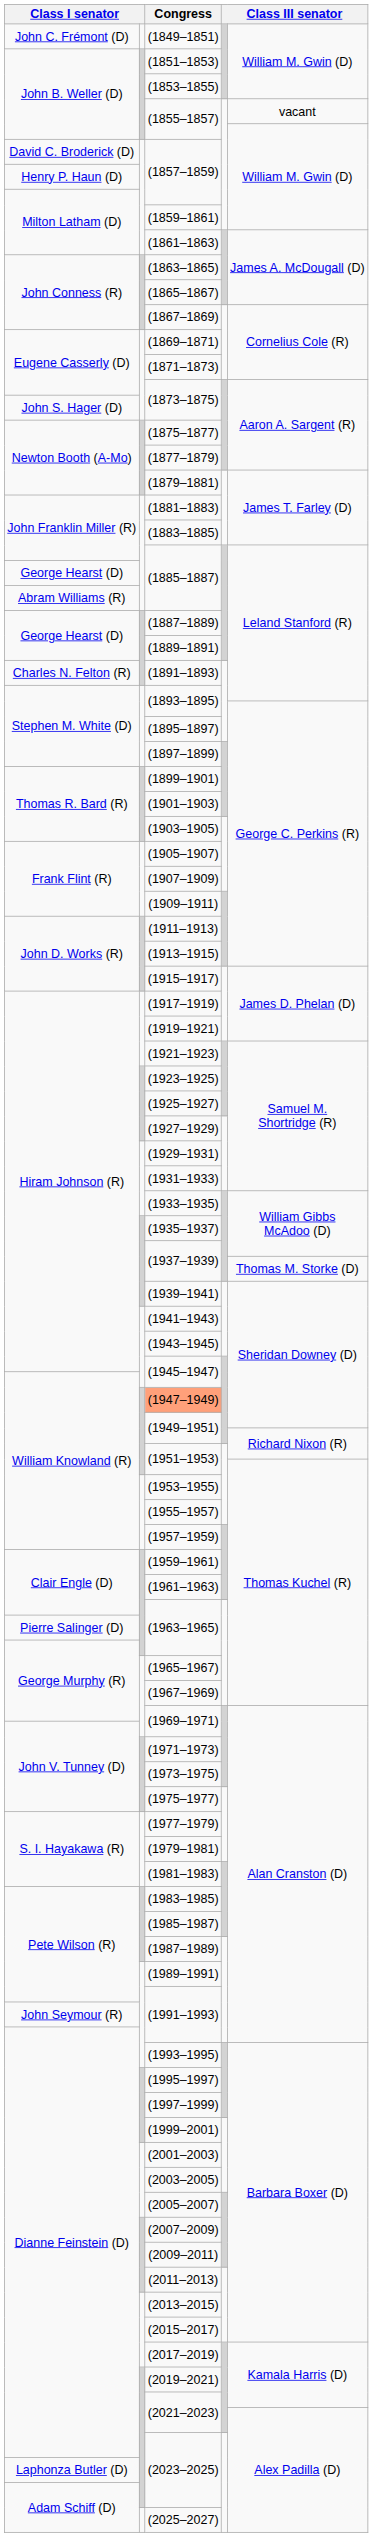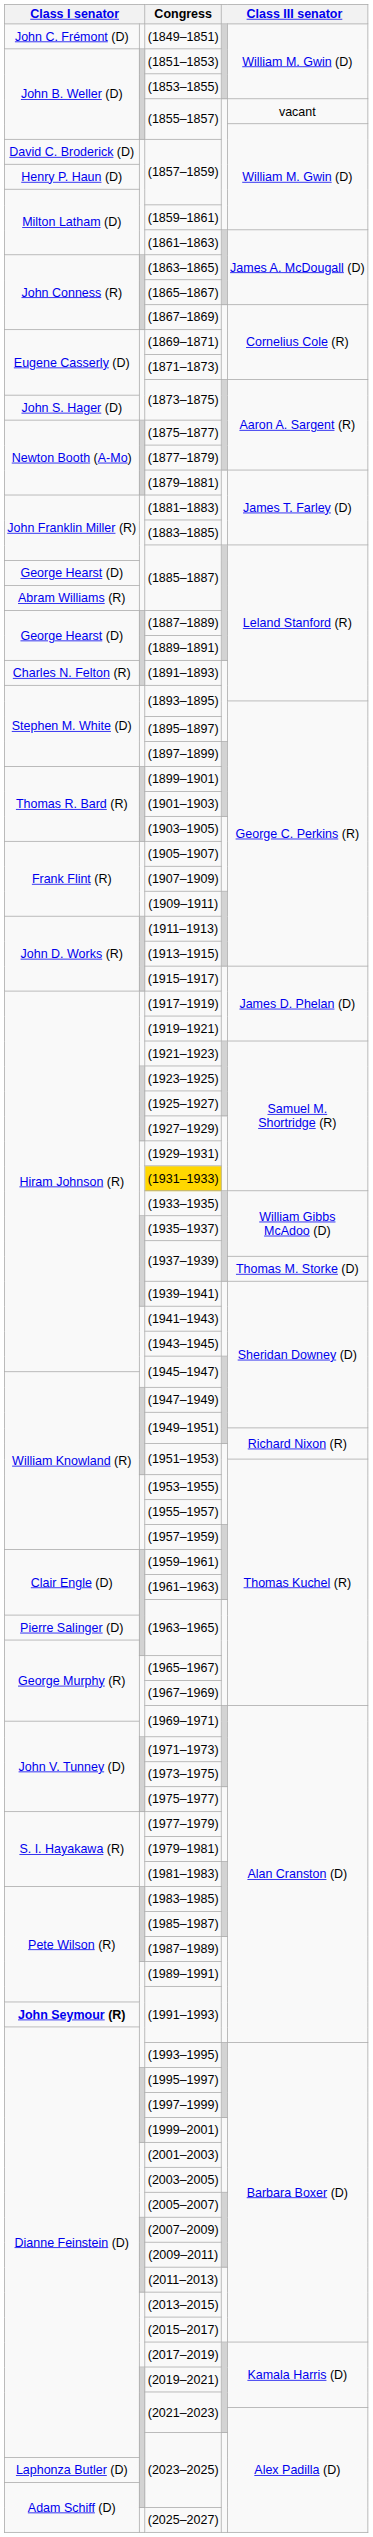 <table class="wikitable sticky-header" style="text-align:center">
 <tr>
 <th colspan="2"><a href='#'>Class I senator</a></th>
 <th>Congress</th>
 <th colspan="2"><a href='#'>Class III senator</a></th>
 </tr>
 <tr style="height:2em">
 <td><a href='#'>John C. Frémont</a> (D)</td>
 <td></td>
 <td><strong></strong> (1849–1851)</td>
 <td rowspan="3" style="background: #D3D3D3"></td>
 <td rowspan=3 ><a href='#'>William M. Gwin</a> (D)</td>
 </tr>
 <tr style="height:2em">
 <td rowspan=4 ><a href='#'>John B. Weller</a> (D)</td>
 <td rowspan="4" style="background: #D3D3D3"></td>
 <td><strong></strong> (1851–1853)</td>
 </tr>
 <tr style="height:2em">
 <td><strong></strong> (1853–1855)</td>
 </tr>
 <tr style="height:2em">
 <td rowspan=2><strong></strong> (1855–1857)</td>
 <td rowspan="6"></td>
 <td>vacant</td>
 </tr>
 <tr style="height:1.25em">
 <td rowspan=5 ><a href='#'>William M. Gwin</a> (D)</td>
 </tr>
 <tr style="height:2em">
 <td><a href='#'>David C. Broderick</a> (D)</td>
 <td rowspan="5"></td>
 <td rowspan=3><strong></strong> (1857–1859)</td>
 </tr>
 <tr style="height:2em">
 <td><a href='#'>Henry P. Haun</a> (D)</td>
 </tr>
 <tr style="height:1.25em">
 <td rowspan=3 ><a href='#'>Milton Latham</a> (D)</td>
 </tr>
 <tr style="height:2em">
 <td><strong></strong> (1859–1861)</td>
 </tr>
 <tr style="height:2em">
 <td><strong></strong> (1861–1863)</td>
 <td rowspan="3" style="background: #D3D3D3"></td>
 <td rowspan=3 ><a href='#'>James A. McDougall</a> (D)</td>
 </tr>
 <tr style="height:2em">
 <td rowspan=3 ><a href='#'>John Conness</a> (R)</td>
 <td rowspan="3" style="background: #D3D3D3"></td>
 <td><strong></strong> (1863–1865)</td>
 </tr>
 <tr style="height:2em">
 <td><strong></strong> (1865–1867)</td>
 </tr>
 <tr style="height:2em">
 <td><strong></strong> (1867–1869)</td>
 <td rowspan="3"></td>
 <td rowspan=3 ><a href='#'>Cornelius Cole</a> (R)</td>
 </tr>
 <tr style="height:2em">
 <td rowspan=3 ><a href='#'>Eugene Casserly</a> (D)</td>
 <td rowspan="4"></td>
 <td><strong></strong> (1869–1871)</td>
 </tr>
 <tr style="height:2em">
 <td><strong></strong> (1871–1873)</td>
 </tr>
 <tr style="height:1.25em">
 <td rowspan=2><strong></strong> (1873–1875)</td>
 <td rowspan="4" style="background: #D3D3D3"></td>
 <td rowspan=4 ><a href='#'>Aaron A. Sargent</a> (R)</td>
 </tr>
 <tr style="height:2em">
 <td><a href='#'>John S. Hager</a> (D)</td>
 </tr>
 <tr style="height:2em">
 <td rowspan=3 ><a href='#'>Newton Booth</a> (<a href='#'>A-Mo</a>)</td>
 <td rowspan="3" style="background: #D3D3D3"></td>
 <td><strong></strong> (1875–1877)</td>
 </tr>
 <tr style="height:2em">
 <td><strong></strong> (1877–1879)</td>
 </tr>
 <tr style="height:2em">
 <td><strong></strong> (1879–1881)</td>
 <td rowspan="3"></td>
 <td rowspan=3 ><a href='#'>James T. Farley</a> (D)</td>
 </tr>
 <tr style="height:2em">
 <td rowspan=3 ><a href='#'>John Franklin Miller</a> (R)</td>
 <td rowspan="5"></td>
 <td><strong></strong> (1881–1883)</td>
 </tr>
 <tr style="height:2em">
 <td><strong></strong> (1883–1885)</td>
 </tr>
 <tr style="height:1.25em">
 <td rowspan=3><strong></strong> (1885–1887)</td>
 <td rowspan="5" style="background: #D3D3D3"></td>
 <td rowspan=7 ><a href='#'>Leland Stanford</a> (R)</td>
 </tr>
 <tr style="height:2em">
 <td><a href='#'>George Hearst</a> (D)</td>
 </tr>
 <tr style="height:2em">
 <td><a href='#'>Abram Williams</a> (R)</td>
 </tr>
 <tr style="height:2em">
 <td rowspan=2 ><a href='#'>George Hearst</a> (D)</td>
 <td rowspan="3" style="background: #D3D3D3"></td>
 <td><strong></strong> (1887–1889)</td>
 </tr>
 <tr style="height:2em">
 <td><strong></strong> (1889–1891)</td>
 </tr>
 <tr style="height:2em">
 <td><a href='#'>Charles N. Felton</a> (R)</td>
 <td><strong></strong> (1891–1893)</td>
 <td rowspan="4"></td>
 </tr>
 <tr style="height:1.25em">
 <td rowspan=4 ><a href='#'>Stephen M. White</a> (D)</td>
 <td rowspan="4"></td>
 <td rowspan=2><strong></strong> (1893–1895)</td>
 </tr>
 <tr style="height:1.25em">
 <td rowspan=11 ><a href='#'>George C. Perkins</a> (R)</td>
 </tr>
 <tr style="height:2em">
 <td><strong></strong> (1895–1897)</td>
 </tr>
 <tr style="height:2em">
 <td><strong></strong> (1897–1899)</td>
 <td rowspan="3" style="background: #D3D3D3"></td>
 </tr>
 <tr style="height:2em">
 <td rowspan=3 ><a href='#'>Thomas R. Bard</a> (R)</td>
 <td rowspan="3" style="background: #D3D3D3"></td>
 <td><strong></strong> (1899–1901)</td>
 </tr>
 <tr style="height:2em">
 <td><strong></strong> (1901–1903)</td>
 </tr>
 <tr style="height:2em">
 <td><strong></strong> (1903–1905)</td>
 <td rowspan="3"></td>
 </tr>
 <tr style="height:2em">
 <td rowspan=3 ><a href='#'>Frank Flint</a> (R)</td>
 <td rowspan="3"></td>
 <td><strong></strong> (1905–1907)</td>
 </tr>
 <tr style="height:2em">
 <td><strong></strong> (1907–1909)</td>
 </tr>
 <tr style="height:2em">
 <td><strong></strong> (1909–1911)</td>
 <td rowspan="3" style="background: #D3D3D3"></td>
 </tr>
 <tr style="height:2em">
 <td rowspan=3 ><a href='#'>John D. Works</a> (R)</td>
 <td rowspan="3" style="background: #D3D3D3"></td>
 <td><strong></strong> (1911–1913)</td>
 </tr>
 <tr style="height:2em">
 <td><strong></strong> (1913–1915)</td>
 </tr>
 <tr style="height:2em">
 <td><strong></strong> (1915–1917)</td>
 <td rowspan="3"></td>
 <td rowspan=3 ><a href='#'>James D. Phelan</a> (D)</td>
 </tr>
 <tr style="height:2em">
 <td rowspan=16 ><a href='#'>Hiram Johnson</a> (R)</td>
 <td rowspan="3"></td>
 <td><strong></strong> (1917–1919)</td>
 </tr>
 <tr style="height:2em">
 <td><strong></strong> (1919–1921)</td>
 </tr>
 <tr style="height:2em">
 <td><strong></strong> (1921–1923)</td>
 <td rowspan="3" style="background: #D3D3D3"></td>
 <td rowspan=6 ><a href='#'>Samuel M.<br>Shortridge</a> (R)</td>
 </tr>
 <tr style="height:2em">
 <td rowspan="3" style="background: #D3D3D3"></td>
 <td><strong></strong> (1923–1925)</td>
 </tr>
 <tr style="height:2em">
 <td><strong></strong> (1925–1927)</td>
 </tr>
 <tr style="height:2em">
 <td><strong></strong> (1927–1929)</td>
 <td rowspan="3"></td>
 </tr>
 <tr style="height:2em">
 <td rowspan="3"></td>
 <td><strong></strong> (1929–1931)</td>
 </tr>
 <tr style="height:2em">
-<td><strong></strong> (1931–1933)</td>
+<td style="background: gold;"><strong></strong> (1931–1933)</td>
 </tr>
 <tr style="height:2em">
 <td><strong></strong> (1933–1935)</td>
 <td rowspan="4" style="background: #D3D3D3"></td>
 <td rowspan=3 ><a href='#'>William Gibbs<br>McAdoo</a> (D)</td>
 </tr>
 <tr style="height:2em">
 <td rowspan="4" style="background: #D3D3D3"></td>
 <td><strong></strong> (1935–1937)</td>
 </tr>
 <tr style="height:1.25em">
 <td rowspan=2><strong></strong> (1937–1939)</td>
 </tr>
 <tr style="height:2em">
 <td><a href='#'>Thomas M. Storke</a> (D)</td>
 </tr>
 <tr style="height:2em">
 <td><strong></strong> (1939–1941)</td>
 <td rowspan="3"></td>
 <td rowspan=7 ><a href='#'>Sheridan Downey</a> (D)</td>
 </tr>
 <tr style="height:2em">
 <td rowspan="4"></td>
 <td><strong></strong> (1941–1943)</td>
 </tr>
 <tr style="height:2em">
 <td><strong></strong> (1943–1945)</td>
 </tr>
 <tr style="height:1.25em">
 <td rowspan=2><strong></strong> (1945–1947)</td>
 <td rowspan="5" style="background: #D3D3D3"></td>
 </tr>
 <tr style="height:1.25em">
 <td rowspan=9 ><a href='#'>William Knowland</a> (R)</td>
 </tr>
 <tr style="height:2em">
 <td rowspan="5" style="background: #D3D3D3"></td>
-<td style="background: lightsalmon;"><strong></strong> (1947–1949)</td>
+<td><strong></strong> (1947–1949)</td>
 </tr>
 <tr style="height:1.25em">
 <td rowspan=2><strong></strong> (1949–1951)</td>
 </tr>
 <tr style="height:1.25em">
 <td rowspan=2 ><a href='#'>Richard Nixon</a> (R)</td>
 </tr>
 <tr style="height:1.25em">
 <td rowspan=2><strong></strong> (1951–1953)</td>
 <td rowspan="4"></td>
 </tr>
 <tr style="height:1.25em">
 <td rowspan=11 ><a href='#'>Thomas Kuchel</a> (R)</td>
 </tr>
 <tr style="height:2em">
 <td rowspan="3"></td>
 <td><strong></strong> (1953–1955)</td>
 </tr>
 <tr style="height:2em">
 <td><strong></strong> (1955–1957)</td>
 </tr>
 <tr style="height:2em">
 <td><strong></strong> (1957–1959)</td>
 <td rowspan="3" style="background: #D3D3D3"></td>
 </tr>
 <tr style="height:2em">
 <td rowspan=3 ><a href='#'>Clair Engle</a> (D)</td>
 <td rowspan="5" style="background: #D3D3D3"></td>
 <td><strong></strong> (1959–1961)</td>
 </tr>
 <tr style="height:2em">
 <td><strong></strong> (1961–1963)</td>
 </tr>
 <tr style="height:1.25em">
 <td rowspan=3><strong></strong> (1963–1965)</td>
 <td rowspan="5"></td>
 </tr>
 <tr style="height:2em">
 <td><a href='#'>Pierre Salinger</a> (D)</td>
 </tr>
 <tr style="height:1.25em">
 <td rowspan=4 ><a href='#'>George Murphy</a> (R)</td>
 </tr>
 <tr style="height:2em">
 <td rowspan="4"></td>
 <td><strong></strong> (1965–1967)</td>
 </tr>
 <tr style="height:2em">
 <td><strong></strong> (1967–1969)</td>
 </tr>
 <tr style="height:1.25em">
 <td rowspan=2><strong></strong> (1969–1971)</td>
 <td rowspan="4" style="background: #D3D3D3"></td>
 <td rowspan=15 ><a href='#'>Alan Cranston</a> (D)</td>
 </tr>
 <tr style="height:1.25em">
 <td rowspan=4 ><a href='#'>John V. Tunney</a> (D)</td>
 </tr>
 <tr style="height:2em">
 <td rowspan="3" style="background: #D3D3D3"></td>
 <td><strong></strong> (1971–1973)</td>
 </tr>
 <tr style="height:2em">
 <td><strong></strong> (1973–1975)</td>
 </tr>
 <tr style="height:2em">
 <td><strong></strong> (1975–1977)</td>
 <td rowspan="3"></td>
 </tr>
 <tr style="height:2em">
 <td rowspan=3 ><a href='#'>S. I. Hayakawa</a> (R)</td>
 <td rowspan="3"></td>
 <td><strong></strong> (1977–1979)</td>
 </tr>
 <tr style="height:2em">
 <td><strong></strong> (1979–1981)</td>
 </tr>
 <tr style="height:2em">
 <td><strong></strong> (1981–1983)</td>
 <td rowspan="3" style="background: #D3D3D3"></td>
 </tr>
 <tr style="height:2em">
 <td rowspan=5 ><a href='#'>Pete Wilson</a> (R)</td>
 <td rowspan="3" style="background: #D3D3D3"></td>
 <td><strong></strong> (1983–1985)</td>
 </tr>
 <tr style="height:2em">
 <td><strong></strong> (1985–1987)</td>
 </tr>
 <tr style="height:2em">
 <td><strong></strong> (1987–1989)</td>
 <td rowspan="5"></td>
 </tr>
 <tr style="height:2em">
 <td rowspan="5"></td>
 <td><strong></strong> (1989–1991)</td>
 </tr>
 <tr style="height:1.25em">
 <td rowspan=3><strong></strong> (1991–1993)</td>
 </tr>
 <tr style="height:2em">
-<td><a href='#'>John Seymour</a> (R)</td>
+<td><strong><a href='#'>John Seymour</a> (R)</strong></td>
 </tr>
 <tr style="height:1.25em">
 <td rowspan=18 ><a href='#'>Dianne Feinstein</a> (D)</td>
 </tr>
 <tr style="height:2em">
 <td><strong></strong> (1993–1995)</td>
 <td rowspan="3" style="background: #D3D3D3"></td>
 <td rowspan=12 ><a href='#'>Barbara Boxer</a> (D)</td>
 </tr>
 <tr style="height:2em">
 <td rowspan="3" style="background: #D3D3D3"></td>
 <td><strong></strong> (1995–1997)</td>
 </tr>
 <tr style="height:2em">
 <td><strong></strong> (1997–1999)</td>
 </tr>
 <tr style="height:2em">
 <td><strong></strong> (1999–2001)</td>
 <td rowspan="3"></td>
 </tr>
 <tr style="height:2em">
 <td rowspan="3"></td>
 <td><strong></strong> (2001–2003)</td>
 </tr>
 <tr style="height:2em">
 <td><strong></strong> (2003–2005)</td>
 </tr>
 <tr style="height:2em">
 <td><strong></strong> (2005–2007)</td>
 <td rowspan="3" style="background: #D3D3D3"></td>
 </tr>
 <tr style="height:2em">
 <td rowspan="3" style="background: #D3D3D3"></td>
 <td><strong></strong> (2007–2009)</td>
 </tr>
 <tr style="height:2em">
 <td><strong></strong> (2009–2011)</td>
 </tr>
 <tr style="height:2em">
 <td><strong></strong> (2011–2013)</td>
 <td rowspan="3"></td>
 </tr>
 <tr style="height:2em">
 <td rowspan="3"></td>
 <td><strong></strong> (2013–2015)</td>
 </tr>
 <tr style="height:2em">
 <td><strong></strong> (2015–2017)</td>
 </tr>
 <tr style="height:2em">
 <td><strong></strong> (2017–2019)</td>
 <td rowspan="4" style="background: #D3D3D3"></td>
 <td rowspan=3 ><a href='#'>Kamala Harris</a> (D)</td>
 </tr>
 <tr style="height:2em">
 <td rowspan="6" style="background: #D3D3D3"></td>
 <td><strong></strong> (2019–2021)</td>
 </tr>
 <tr style="height:1.25em">
 <td rowspan=2><strong></strong> (2021–2023)</td>
 </tr>
 <tr style="height:2em">
 <td rowspan=5 ><a href='#'>Alex Padilla</a> (D)</td>
 </tr>
 <tr style="height:2em">
 <td rowspan=3><strong></strong> (2023–2025)</td>
 <td rowspan="4"></td>
 </tr>
 <tr style="height:2em">
 <td rowspan=1 ><a href='#'>Laphonza Butler</a> (D)</td>
 </tr>
 <tr style="height:2em">
 <td rowspan=2 ><a href='#'>Adam Schiff</a> (D)</td>
 </tr>
 <tr style="height:2em">
 <td rowspan="1"></td>
 <td><strong></strong> (2025–2027)</td>
 </tr>
 </table>
